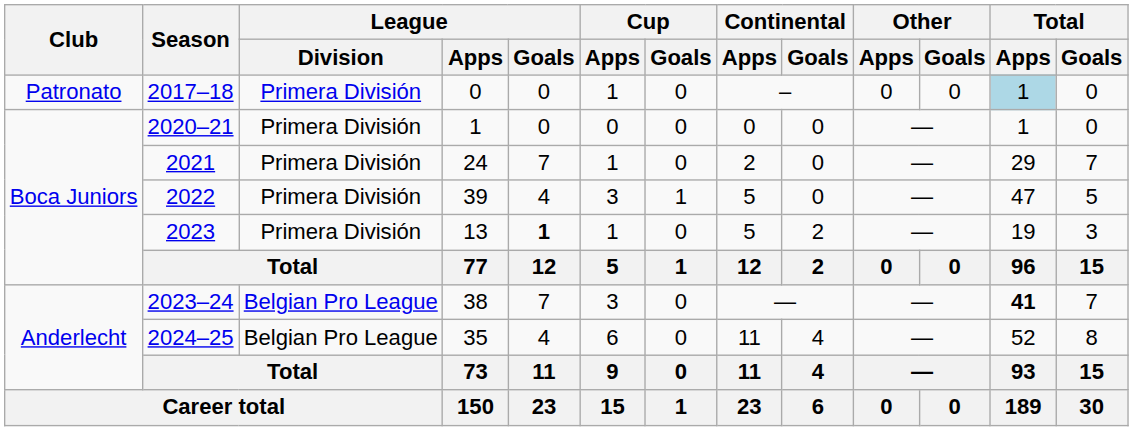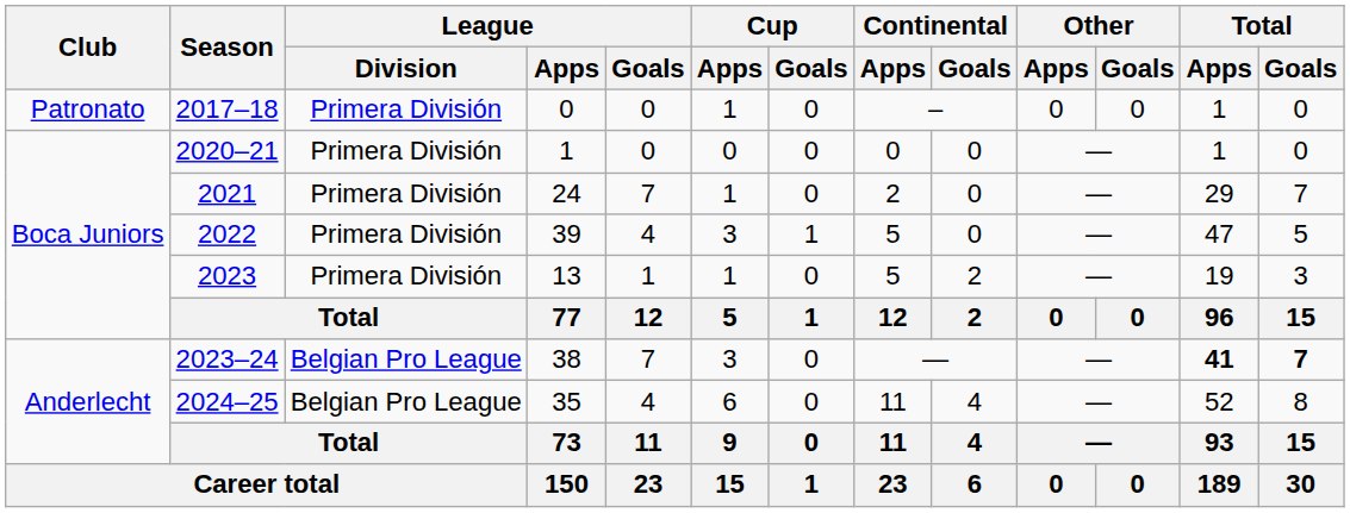 <table class="wikitable" style="text-align: center">
 <tr>
 <th rowspan="2">Club</th>
 <th rowspan="2">Season</th>
 <th colspan="3">League</th>
 <th colspan="2">Cup</th>
 <th colspan="2">Continental</th>
 <th colspan="2">Other</th>
 <th colspan="2">Total</th>
 </tr>
 <tr>
 <th>Division</th>
 <th>Apps</th>
 <th>Goals</th>
 <th>Apps</th>
 <th>Goals</th>
 <th>Apps</th>
 <th>Goals</th>
 <th>Apps</th>
 <th>Goals</th>
 <th>Apps</th>
 <th>Goals</th>
 </tr>
 <tr>
 <td><a href='#'>Patronato</a></td>
 <td><a href='#'>2017–18</a></td>
 <td><a href='#'>Primera División</a></td>
 <td>0</td>
 <td>0</td>
 <td>1</td>
 <td>0</td>
 <td colspan="2">–</td>
 <td>0</td>
 <td>0</td>
-<td style="background: lightblue;">1</td>
+<td>1</td>
 <td>0</td>
 </tr>
 <tr>
 <td rowspan="5"><a href='#'>Boca Juniors</a></td>
 <td><a href='#'>2020–21</a></td>
 <td>Primera División</td>
 <td>1</td>
 <td>0</td>
 <td>0</td>
 <td>0</td>
 <td>0</td>
 <td>0</td>
 <td colspan="2">—</td>
 <td>1</td>
 <td>0</td>
 </tr>
 <tr>
 <td><a href='#'>2021</a></td>
 <td>Primera División</td>
 <td>24</td>
 <td>7</td>
 <td>1</td>
 <td>0</td>
 <td>2</td>
 <td>0</td>
 <td colspan="2">—</td>
 <td>29</td>
 <td>7</td>
 </tr>
 <tr>
 <td><a href='#'>2022</a></td>
 <td>Primera División</td>
 <td>39</td>
 <td>4</td>
 <td>3</td>
 <td>1</td>
 <td>5</td>
 <td>0</td>
 <td colspan="2">—</td>
 <td>47</td>
 <td>5</td>
 </tr>
 <tr>
 <td><a href='#'>2023</a></td>
 <td>Primera División</td>
 <td>13</td>
-<td><strong>1</strong></td>
+<td>1</td>
 <td>1</td>
 <td>0</td>
 <td>5</td>
 <td>2</td>
 <td colspan="2">—</td>
 <td>19</td>
 <td>3</td>
 </tr>
 <tr>
 <th colspan=2>Total</th>
 <th>77</th>
 <th>12</th>
 <th>5</th>
 <th>1</th>
 <th>12</th>
 <th>2</th>
 <th>0</th>
 <th>0</th>
 <th>96</th>
 <th>15</th>
 </tr>
 <tr>
 <td rowspan="3"><a href='#'>Anderlecht</a></td>
 <td><a href='#'>2023–24</a></td>
 <td><a href='#'>Belgian Pro League</a></td>
 <td>38</td>
 <td>7</td>
 <td>3</td>
 <td>0</td>
 <td colspan="2">—</td>
 <td colspan="2">—</td>
 <td><strong>41</strong></td>
-<td>7</td>
+<td><strong>7</strong></td>
 </tr>
 <tr>
 <td><a href='#'>2024–25</a></td>
 <td>Belgian Pro League</td>
 <td>35</td>
 <td>4</td>
 <td>6</td>
 <td>0</td>
 <td>11</td>
 <td>4</td>
 <td colspan="2">—</td>
 <td>52</td>
 <td>8</td>
 </tr>
 <tr>
 <th colspan=2>Total</th>
 <th>73</th>
 <th>11</th>
 <th>9</th>
 <th>0</th>
 <th>11</th>
 <th>4</th>
 <th colspan="2">—</th>
 <th>93</th>
 <th>15</th>
 </tr>
 <tr>
 <th colspan=3>Career total</th>
 <th>150</th>
 <th>23</th>
 <th>15</th>
 <th>1</th>
 <th>23</th>
 <th>6</th>
 <th>0</th>
 <th>0</th>
 <th>189</th>
 <th>30</th>
 </tr>
 </table>
